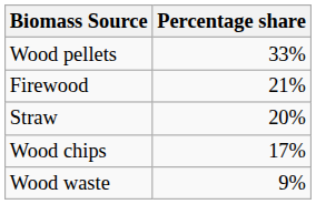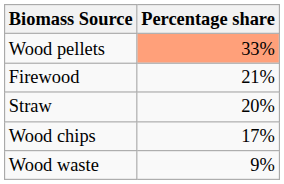 <table class="wikitable">
 <tr>
 <th>Biomass Source</th>
 <th>Percentage share</th>
 </tr>
 <tr>
 <td>Wood pellets</td>
-<td align="right">33%</td>
+<td align="right" style="background: lightsalmon;">33%</td>
 </tr>
 <tr>
 <td>Firewood</td>
 <td align="right">21%</td>
 </tr>
 <tr>
 <td>Straw</td>
 <td align="right">20%</td>
 </tr>
 <tr>
 <td>Wood chips</td>
 <td align="right">17%</td>
 </tr>
 <tr>
 <td>Wood waste</td>
 <td align="right">9%</td>
 </tr>
 </table>
